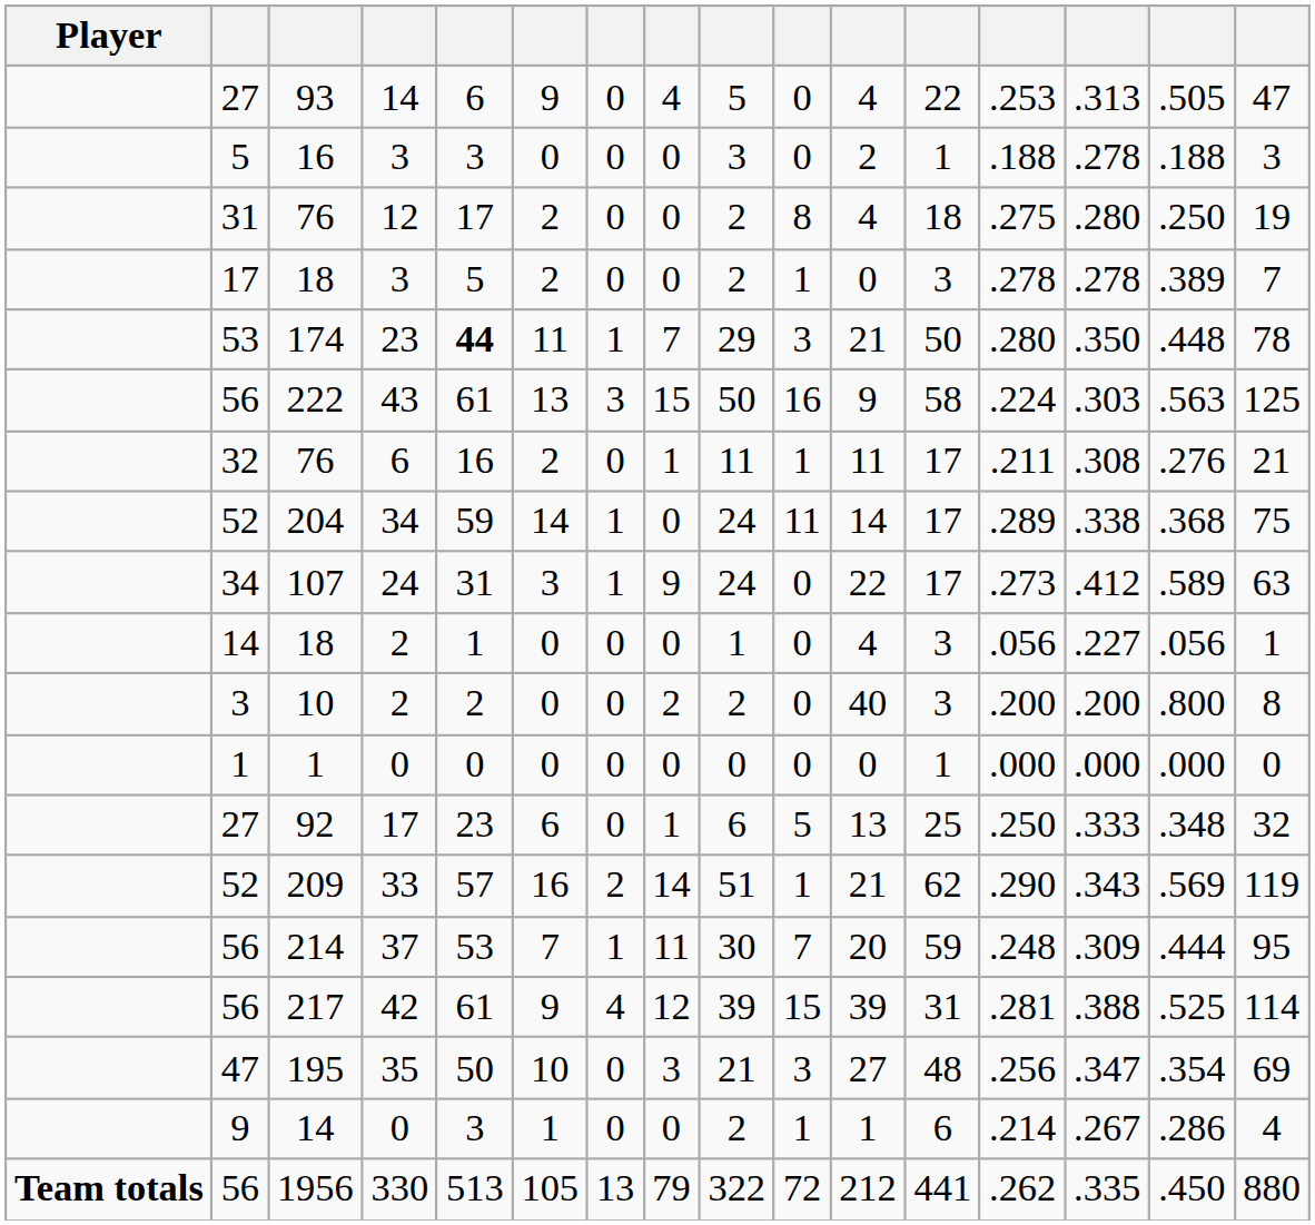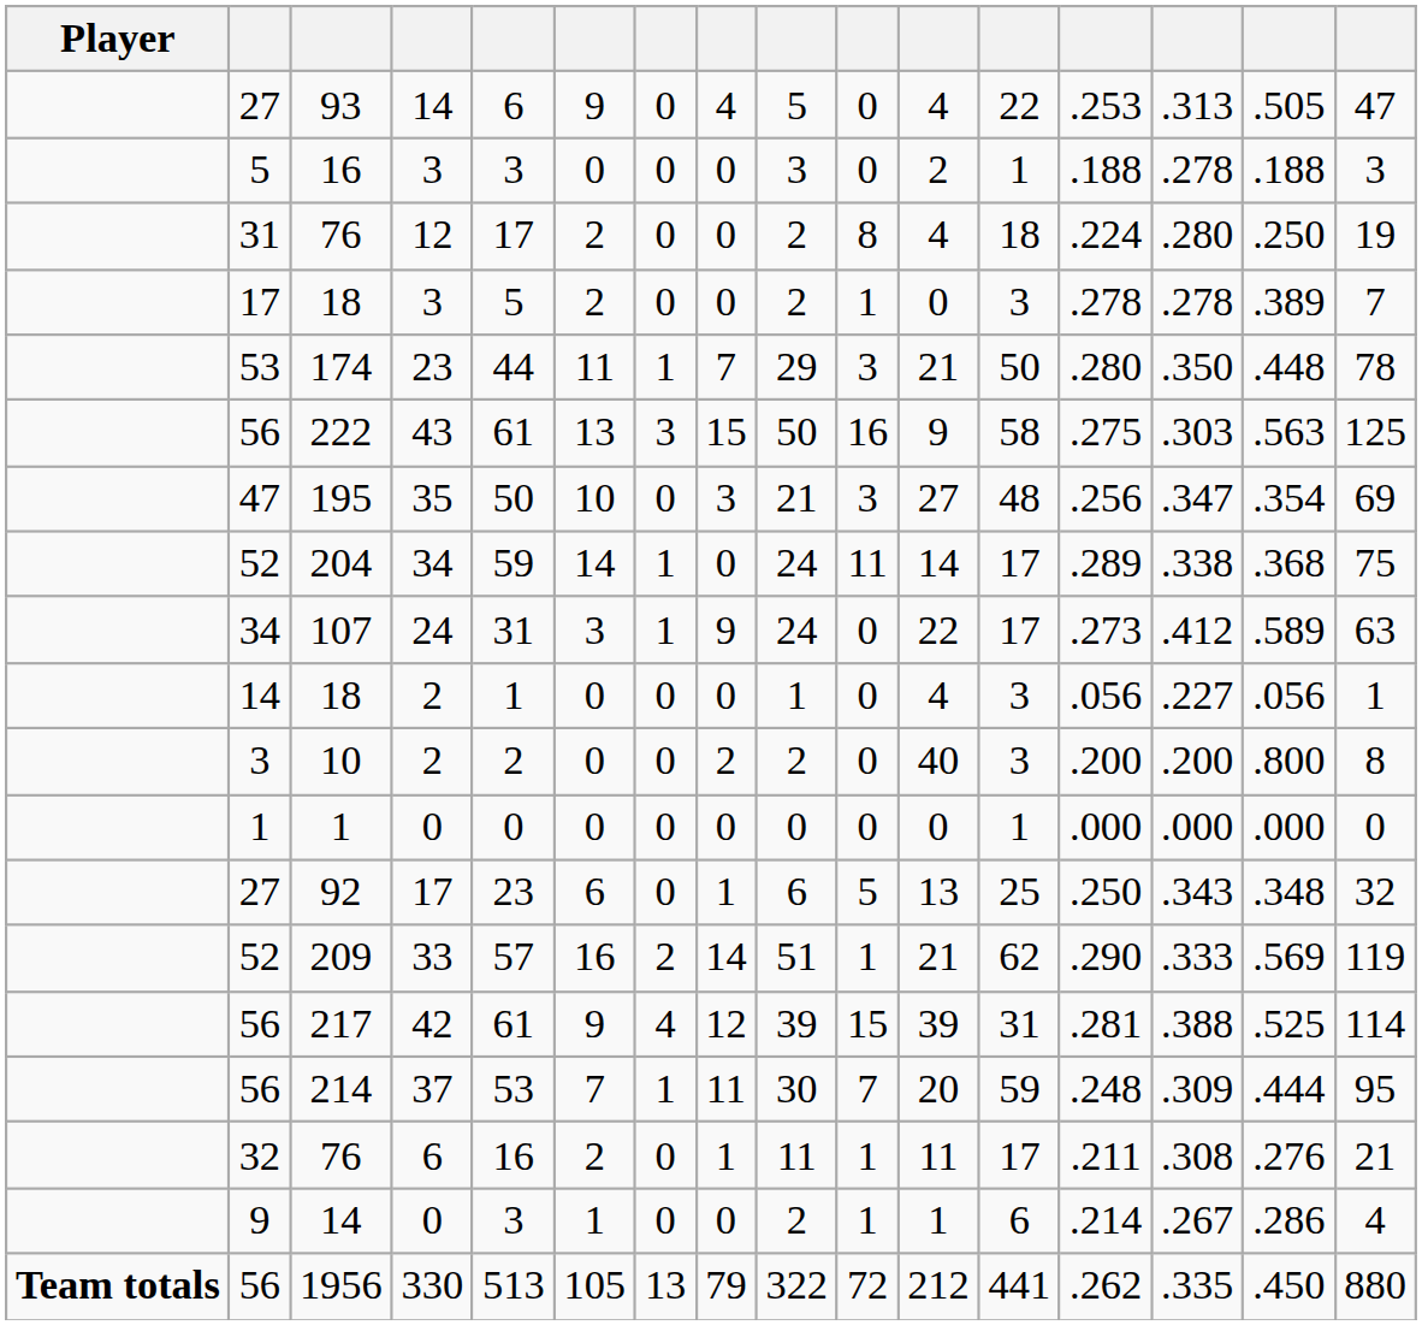 <table class="wikitable sortable" style="text-align:center;">
 <tr>
 <th>Player</th>
 <th></th>
 <th></th>
 <th></th>
 <th></th>
 <th></th>
 <th></th>
 <th></th>
 <th></th>
 <th></th>
 <th></th>
 <th></th>
 <th></th>
 <th></th>
 <th></th>
 <th></th>
 </tr>
 <tr>
 <td align=left></td>
 <td>27</td>
 <td>93</td>
 <td>14</td>
 <td>6</td>
 <td>9</td>
 <td>0</td>
 <td>4</td>
 <td>5</td>
 <td>0</td>
 <td>4</td>
 <td>22</td>
 <td>.253</td>
 <td>.313</td>
 <td>.505</td>
 <td>47</td>
 </tr>
 <tr>
 <td align=left></td>
 <td>5</td>
 <td>16</td>
 <td>3</td>
 <td>3</td>
 <td>0</td>
 <td>0</td>
 <td>0</td>
 <td>3</td>
 <td>0</td>
 <td>2</td>
 <td>1</td>
 <td>.188</td>
 <td>.278</td>
 <td>.188</td>
 <td>3</td>
 </tr>
 <tr>
 <td align=left></td>
 <td>31</td>
 <td>76</td>
 <td>12</td>
 <td>17</td>
 <td>2</td>
 <td>0</td>
 <td>0</td>
 <td>2</td>
 <td>8</td>
 <td>4</td>
 <td>18</td>
-<td>.275</td>
+<td>.224</td>
 <td>.280</td>
 <td>.250</td>
 <td>19</td>
 </tr>
 <tr>
 <td align=left></td>
 <td>17</td>
 <td>18</td>
 <td>3</td>
 <td>5</td>
 <td>2</td>
 <td>0</td>
 <td>0</td>
 <td>2</td>
 <td>1</td>
 <td>0</td>
 <td>3</td>
 <td>.278</td>
 <td>.278</td>
 <td>.389</td>
 <td>7</td>
 </tr>
 <tr>
 <td align=left></td>
 <td>53</td>
 <td>174</td>
 <td>23</td>
-<td><strong>44</strong></td>
+<td>44</td>
 <td>11</td>
 <td>1</td>
 <td>7</td>
 <td>29</td>
 <td>3</td>
 <td>21</td>
 <td>50</td>
 <td>.280</td>
 <td>.350</td>
 <td>.448</td>
 <td>78</td>
 </tr>
 <tr>
 <td align=left></td>
 <td>56</td>
 <td>222</td>
 <td>43</td>
 <td>61</td>
 <td>13</td>
 <td>3</td>
 <td>15</td>
 <td>50</td>
 <td>16</td>
 <td>9</td>
 <td>58</td>
-<td>.224</td>
+<td>.275</td>
 <td>.303</td>
 <td>.563</td>
 <td>125</td>
 </tr>
 <tr>
 <td align=left></td>
-<td>32</td>
-<td>76</td>
-<td>6</td>
-<td>16</td>
-<td>2</td>
+<td>47</td>
+<td>195</td>
+<td>35</td>
+<td>50</td>
+<td>10</td>
 <td>0</td>
-<td>1</td>
-<td>11</td>
-<td>1</td>
-<td>11</td>
-<td>17</td>
-<td>.211</td>
-<td>.308</td>
-<td>.276</td>
+<td>3</td>
 <td>21</td>
+<td>3</td>
+<td>27</td>
+<td>48</td>
+<td>.256</td>
+<td>.347</td>
+<td>.354</td>
+<td>69</td>
 </tr>
 <tr>
 <td align=left></td>
 <td>52</td>
 <td>204</td>
 <td>34</td>
 <td>59</td>
 <td>14</td>
 <td>1</td>
 <td>0</td>
 <td>24</td>
 <td>11</td>
 <td>14</td>
 <td>17</td>
 <td>.289</td>
 <td>.338</td>
 <td>.368</td>
 <td>75</td>
 </tr>
 <tr>
 <td align=left></td>
 <td>34</td>
 <td>107</td>
 <td>24</td>
 <td>31</td>
 <td>3</td>
 <td>1</td>
 <td>9</td>
 <td>24</td>
 <td>0</td>
 <td>22</td>
 <td>17</td>
 <td>.273</td>
 <td>.412</td>
 <td>.589</td>
 <td>63</td>
 </tr>
 <tr>
 <td align=left></td>
 <td>14</td>
 <td>18</td>
 <td>2</td>
 <td>1</td>
 <td>0</td>
 <td>0</td>
 <td>0</td>
 <td>1</td>
 <td>0</td>
 <td>4</td>
 <td>3</td>
 <td>.056</td>
 <td>.227</td>
 <td>.056</td>
 <td>1</td>
 </tr>
 <tr>
 <td align=left></td>
 <td>3</td>
 <td>10</td>
 <td>2</td>
 <td>2</td>
 <td>0</td>
 <td>0</td>
 <td>2</td>
 <td>2</td>
 <td>0</td>
 <td>40</td>
 <td>3</td>
 <td>.200</td>
 <td>.200</td>
 <td>.800</td>
 <td>8</td>
 </tr>
 <tr>
 <td align=left></td>
 <td>1</td>
 <td>1</td>
 <td>0</td>
 <td>0</td>
 <td>0</td>
 <td>0</td>
 <td>0</td>
 <td>0</td>
 <td>0</td>
 <td>0</td>
 <td>1</td>
 <td>.000</td>
 <td>.000</td>
 <td>.000</td>
 <td>0</td>
 </tr>
 <tr>
 <td align=left></td>
 <td>27</td>
 <td>92</td>
 <td>17</td>
 <td>23</td>
 <td>6</td>
 <td>0</td>
 <td>1</td>
 <td>6</td>
 <td>5</td>
 <td>13</td>
 <td>25</td>
 <td>.250</td>
-<td>.333</td>
+<td>.343</td>
 <td>.348</td>
 <td>32</td>
 </tr>
 <tr>
 <td align=left></td>
 <td>52</td>
 <td>209</td>
 <td>33</td>
 <td>57</td>
 <td>16</td>
 <td>2</td>
 <td>14</td>
 <td>51</td>
 <td>1</td>
 <td>21</td>
 <td>62</td>
 <td>.290</td>
-<td>.343</td>
+<td>.333</td>
 <td>.569</td>
 <td>119</td>
+</tr>
+<tr>
+<td align=left></td>
+<td>56</td>
+<td>217</td>
+<td>42</td>
+<td>61</td>
+<td>9</td>
+<td>4</td>
+<td>12</td>
+<td>39</td>
+<td>15</td>
+<td>39</td>
+<td>31</td>
+<td>.281</td>
+<td>.388</td>
+<td>.525</td>
+<td>114</td>
 </tr>
 <tr>
 <td align=left></td>
 <td>56</td>
 <td>214</td>
 <td>37</td>
 <td>53</td>
 <td>7</td>
 <td>1</td>
 <td>11</td>
 <td>30</td>
 <td>7</td>
 <td>20</td>
 <td>59</td>
 <td>.248</td>
 <td>.309</td>
 <td>.444</td>
 <td>95</td>
 </tr>
 <tr>
 <td align=left></td>
-<td>56</td>
-<td>217</td>
-<td>42</td>
-<td>61</td>
-<td>9</td>
-<td>4</td>
-<td>12</td>
-<td>39</td>
-<td>15</td>
-<td>39</td>
-<td>31</td>
-<td>.281</td>
-<td>.388</td>
-<td>.525</td>
-<td>114</td>
-</tr>
-<tr>
-<td align=left></td>
-<td>47</td>
-<td>195</td>
-<td>35</td>
-<td>50</td>
-<td>10</td>
+<td>32</td>
+<td>76</td>
+<td>6</td>
+<td>16</td>
+<td>2</td>
 <td>0</td>
-<td>3</td>
+<td>1</td>
+<td>11</td>
+<td>1</td>
+<td>11</td>
+<td>17</td>
+<td>.211</td>
+<td>.308</td>
+<td>.276</td>
 <td>21</td>
-<td>3</td>
-<td>27</td>
-<td>48</td>
-<td>.256</td>
-<td>.347</td>
-<td>.354</td>
-<td>69</td>
 </tr>
 <tr>
 <td align=left></td>
 <td>9</td>
 <td>14</td>
 <td>0</td>
 <td>3</td>
 <td>1</td>
 <td>0</td>
 <td>0</td>
 <td>2</td>
 <td>1</td>
 <td>1</td>
 <td>6</td>
 <td>.214</td>
 <td>.267</td>
 <td>.286</td>
 <td>4</td>
 </tr>
 <tr class="sortbottom">
 <td align="left"><strong>Team totals</strong></td>
 <td>56</td>
 <td>1956</td>
 <td>330</td>
 <td>513</td>
 <td>105</td>
 <td>13</td>
 <td>79</td>
 <td>322</td>
 <td>72</td>
 <td>212</td>
 <td>441</td>
 <td>.262</td>
 <td>.335</td>
 <td>.450</td>
 <td>880</td>
 </tr>
 </table>
